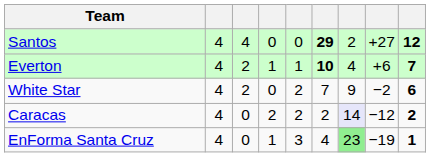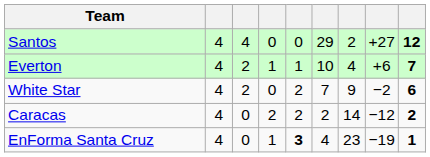 <table class="wikitable" style="text-align: center;">
 <tr>
 <th width=200>Team</th>
 <th width=20></th>
 <th width=20></th>
 <th width=20></th>
 <th width=20></th>
 <th width=20></th>
 <th width=20></th>
 <th width=20></th>
 <th width=20></th>
 </tr>
 <tr bgcolor=#ccffcc>
 <td align=left> <a href='#'>Santos</a></td>
 <td>4</td>
 <td>4</td>
 <td>0</td>
 <td>0</td>
-<td><strong>29</strong></td>
+<td>29</td>
 <td>2</td>
 <td>+27</td>
 <td><strong>12</strong></td>
 </tr>
 <tr bgcolor=#ccffcc>
 <td align=left> <a href='#'>Everton</a></td>
 <td>4</td>
 <td>2</td>
 <td>1</td>
 <td>1</td>
-<td><strong>10</strong></td>
+<td>10</td>
 <td>4</td>
 <td>+6</td>
 <td><strong>7</strong></td>
 </tr>
 <tr>
 <td align=left> <a href='#'>White Star</a></td>
 <td>4</td>
 <td>2</td>
 <td>0</td>
 <td>2</td>
 <td>7</td>
 <td>9</td>
 <td>−2</td>
 <td><strong>6</strong></td>
 </tr>
 <tr>
 <td align=left> <a href='#'>Caracas</a></td>
 <td>4</td>
 <td>0</td>
 <td>2</td>
 <td>2</td>
 <td>2</td>
-<td style="background: lavender;">14</td>
+<td>14</td>
 <td>−12</td>
 <td><strong>2</strong></td>
 </tr>
 <tr>
 <td align=left> <a href='#'>EnForma Santa Cruz</a></td>
 <td>4</td>
 <td>0</td>
 <td>1</td>
-<td>3</td>
+<td><strong>3</strong></td>
 <td>4</td>
-<td style="background: lightgreen;">23</td>
+<td>23</td>
 <td>−19</td>
 <td><strong>1</strong></td>
 </tr>
 </table>
